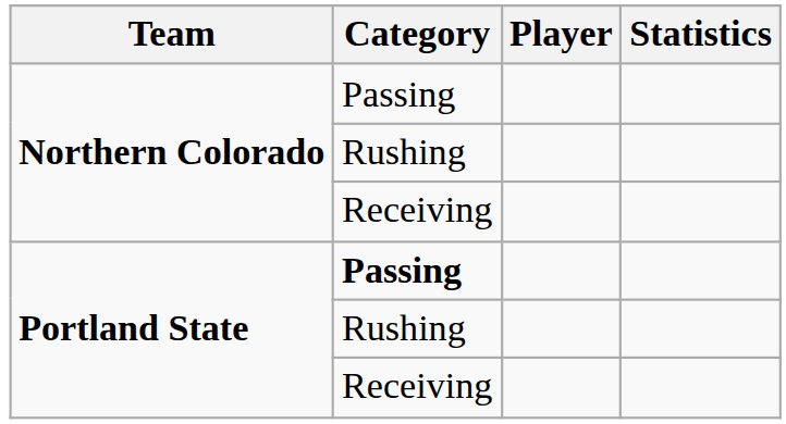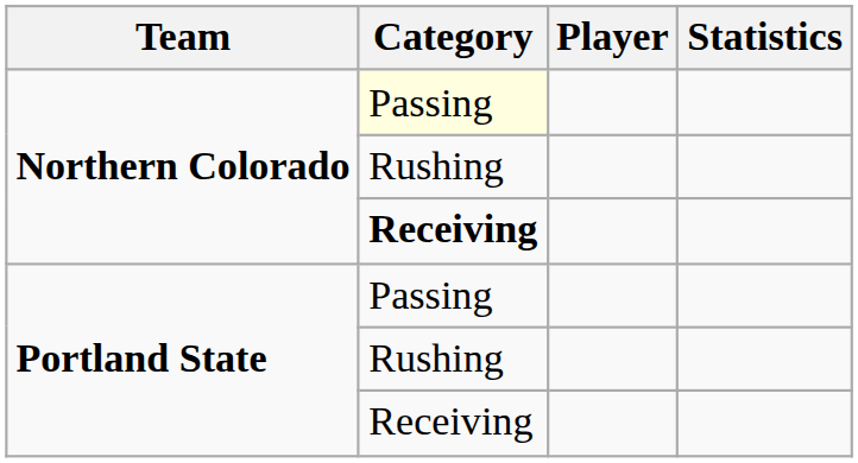 <table class="wikitable" style="float: right;">
 <tr>
 <th>Team</th>
 <th>Category</th>
 <th>Player</th>
 <th>Statistics</th>
 </tr>
 <tr>
 <td rowspan=3><strong>Northern Colorado</strong></td>
+<td style="background: lightyellow;">Passing</td>
+<td></td>
+<td></td>
+</tr>
+<tr>
+<td>Rushing</td>
+<td></td>
+<td></td>
+</tr>
+<tr>
+<td><strong>Receiving</strong></td>
+<td></td>
+<td></td>
+</tr>
+<tr>
+<td rowspan=3><strong>Portland State</strong></td>
 <td>Passing</td>
 <td></td>
 <td></td>
 </tr>
 <tr>
 <td>Rushing</td>
 <td></td>
 <td></td>
 </tr>
 <tr>
 <td>Receiving</td>
 <td></td>
 <td></td>
 </tr>
-<tr>
-<td rowspan=3><strong>Portland State</strong></td>
-<td><strong>Passing</strong></td>
-<td></td>
-<td></td>
-</tr>
-<tr>
-<td>Rushing</td>
-<td></td>
-<td></td>
-</tr>
-<tr>
-<td>Receiving</td>
-<td></td>
-<td></td>
-</tr>
 </table>
